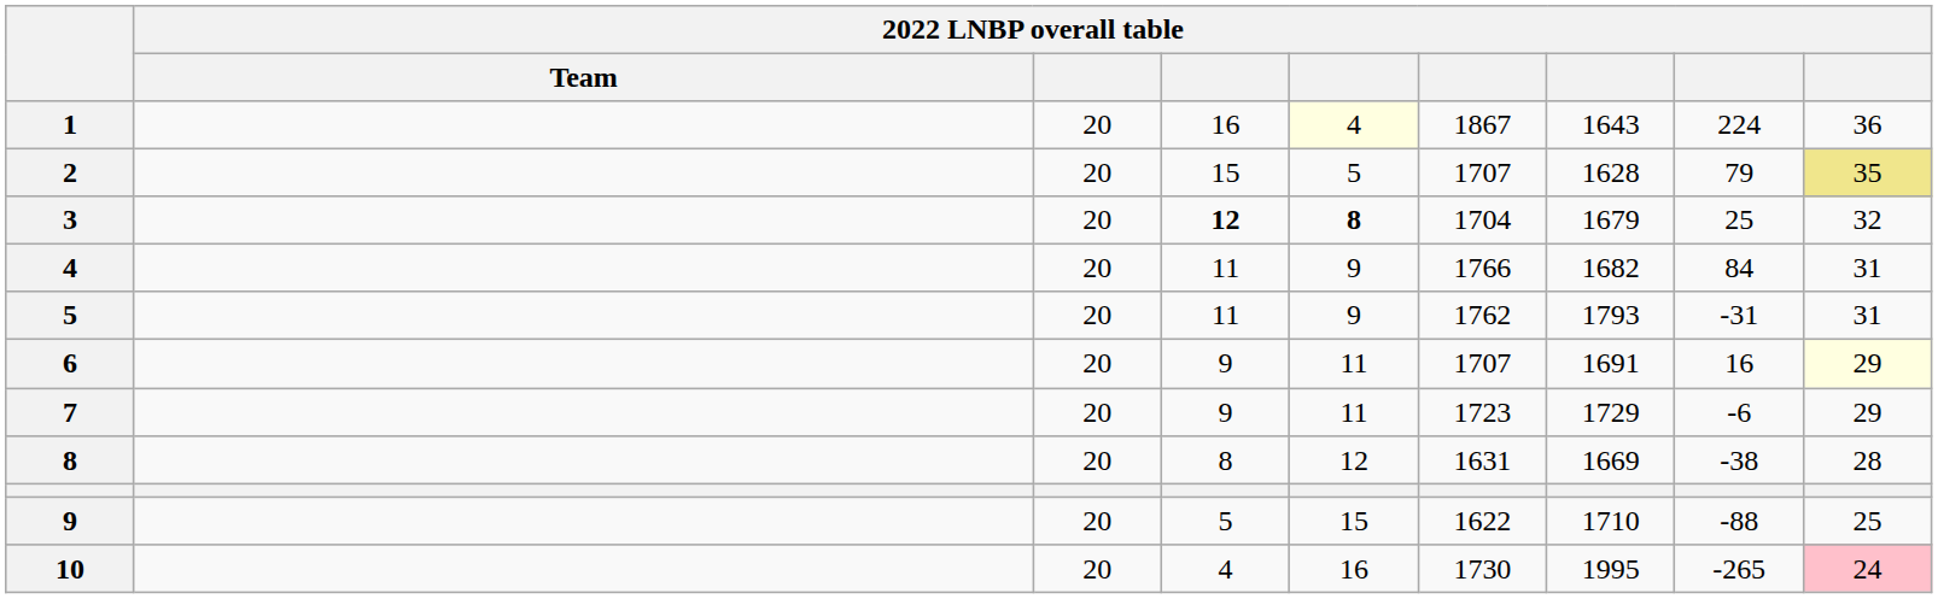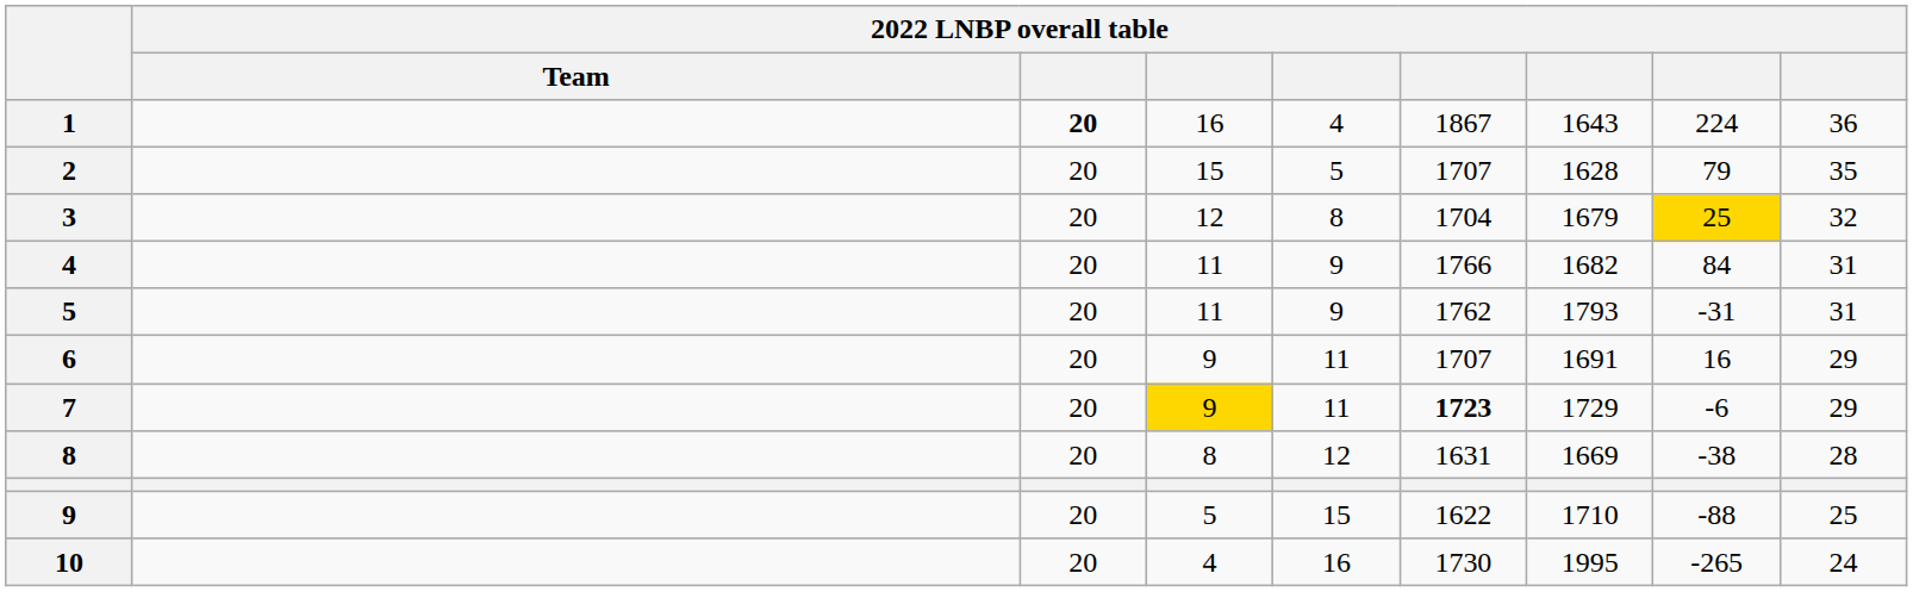 <table class="wikitable" width="80%" style="font-size:95%; text-align:center">
 <tr>
 <th rowspan="2" width="5%"></th>
 <th colspan="8" style="text-align:center">2022 LNBP overall table</th>
 </tr>
 <tr>
 <th width="35%">Team</th>
 <th width="5%"></th>
 <th width="5%"></th>
 <th width="5%"></th>
 <th width="5%"></th>
 <th width="5%"></th>
 <th width="5%"></th>
 <th width="5%"></th>
 </tr>
 <tr>
 <th>1</th>
 <td style="text-align:left;"></td>
-<td>20</td>
+<td><strong>20</strong></td>
 <td>16</td>
-<td style="background: lightyellow;">4</td>
+<td>4</td>
 <td>1867</td>
 <td>1643</td>
 <td>224</td>
 <td>36</td>
 </tr>
 <tr>
 <th>2</th>
 <td style="text-align:left;"></td>
 <td>20</td>
 <td>15</td>
 <td>5</td>
 <td>1707</td>
 <td>1628</td>
 <td>79</td>
-<td style="background: khaki;">35</td>
+<td>35</td>
 </tr>
 <tr>
 <th>3</th>
 <td style="text-align:left;"></td>
 <td>20</td>
-<td><strong>12</strong></td>
-<td><strong>8</strong></td>
+<td>12</td>
+<td>8</td>
 <td>1704</td>
 <td>1679</td>
-<td>25</td>
+<td style="background: gold;">25</td>
 <td>32</td>
 </tr>
 <tr>
 <th>4</th>
 <td style="text-align:left;"></td>
 <td>20</td>
 <td>11</td>
 <td>9</td>
 <td>1766</td>
 <td>1682</td>
 <td>84</td>
 <td>31</td>
 </tr>
 <tr>
 <th>5</th>
 <td style="text-align:left;"></td>
 <td>20</td>
 <td>11</td>
 <td>9</td>
 <td>1762</td>
 <td>1793</td>
 <td>-31</td>
 <td>31</td>
 </tr>
 <tr>
 <th>6</th>
 <td style="text-align:left;"></td>
 <td>20</td>
 <td>9</td>
 <td>11</td>
 <td>1707</td>
 <td>1691</td>
 <td>16</td>
-<td style="background: lightyellow;">29</td>
+<td>29</td>
 </tr>
 <tr>
 <th>7</th>
 <td style="text-align:left;"></td>
 <td>20</td>
-<td>9</td>
+<td style="background: gold;">9</td>
 <td>11</td>
-<td>1723</td>
+<td><strong>1723</strong></td>
 <td>1729</td>
 <td>-6</td>
 <td>29</td>
 </tr>
 <tr>
 <th>8</th>
 <td style="text-align:left;"></td>
 <td>20</td>
 <td>8</td>
 <td>12</td>
 <td>1631</td>
 <td>1669</td>
 <td>-38</td>
 <td>28</td>
 </tr>
 <tr>
 <th></th>
 <th></th>
 <th></th>
 <th></th>
 <th></th>
 <th></th>
 <th></th>
 <th></th>
 <th></th>
 </tr>
 <tr>
 <th>9</th>
 <td style="text-align:left;"></td>
 <td>20</td>
 <td>5</td>
 <td>15</td>
 <td>1622</td>
 <td>1710</td>
 <td>-88</td>
 <td>25</td>
 </tr>
 <tr>
 <th>10</th>
 <td style="text-align:left;"></td>
 <td>20</td>
 <td>4</td>
 <td>16</td>
 <td>1730</td>
 <td>1995</td>
 <td>-265</td>
-<td style="background: pink;">24</td>
+<td>24</td>
 </tr>
 </table>
